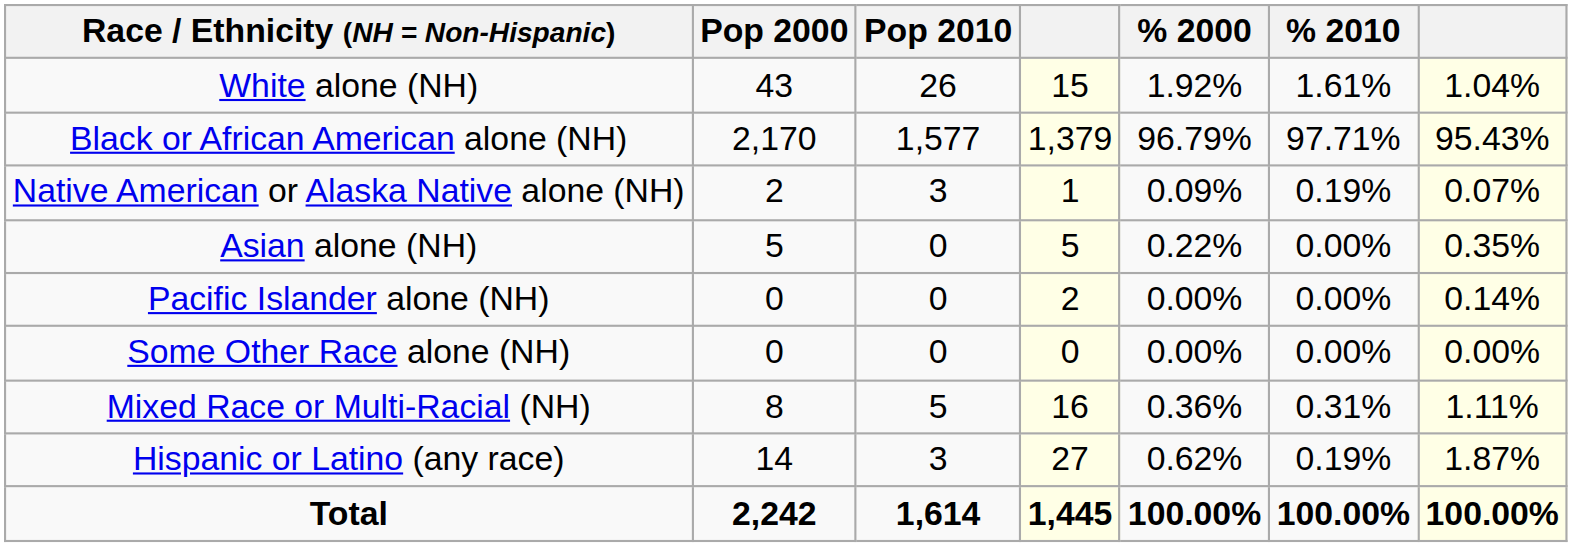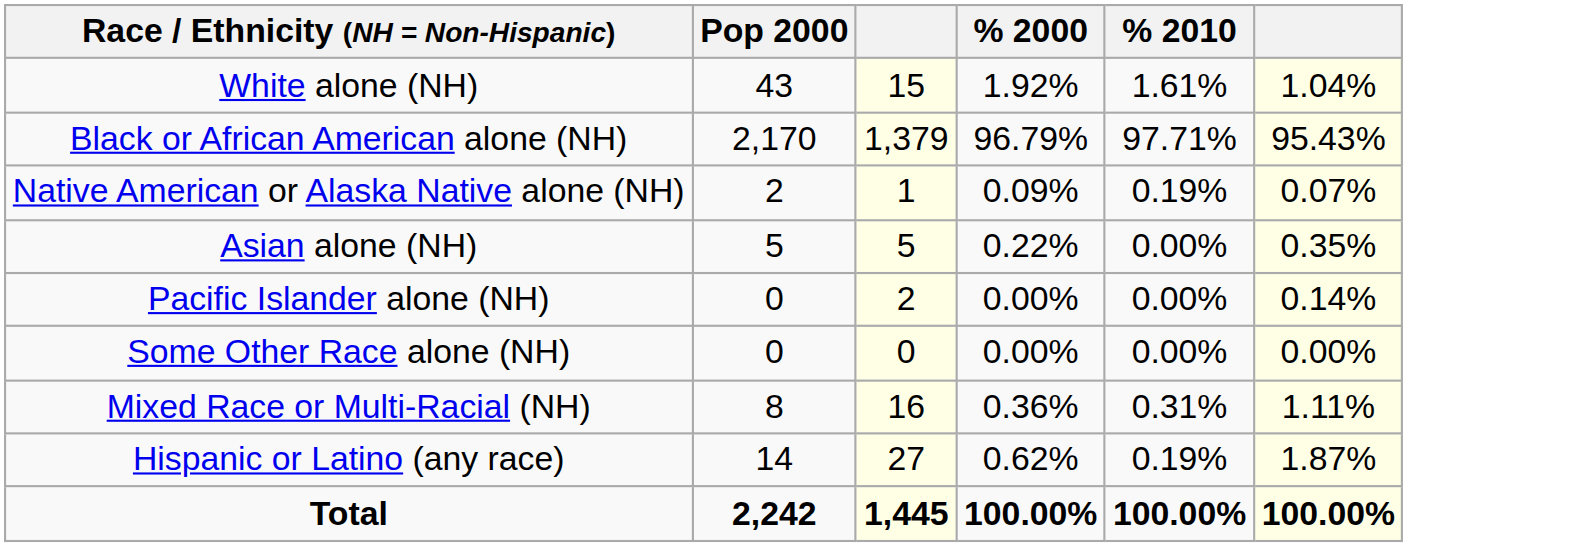 <table class="wikitable" style="text-align:center;">
 <tr>
 <th>Race / Ethnicity <small>(<em>NH = Non-Hispanic</em>)</small></th>
 <th>Pop 2000</th>
-<th>Pop 2010</th>
 <th></th>
 <th>% 2000</th>
 <th>% 2010</th>
 <th></th>
 </tr>
 <tr>
 <td><a href='#'>White</a> alone (NH)</td>
 <td>43</td>
-<td>26</td>
 <td style='background: #ffffe6;'>15</td>
 <td>1.92%</td>
 <td>1.61%</td>
 <td style='background: #ffffe6;'>1.04%</td>
 </tr>
 <tr>
 <td><a href='#'>Black or African American</a> alone (NH)</td>
 <td>2,170</td>
-<td>1,577</td>
 <td style='background: #ffffe6;'>1,379</td>
 <td>96.79%</td>
 <td>97.71%</td>
 <td style='background: #ffffe6;'>95.43%</td>
 </tr>
 <tr>
 <td><a href='#'>Native American</a> or <a href='#'>Alaska Native</a> alone (NH)</td>
 <td>2</td>
-<td>3</td>
 <td style='background: #ffffe6;'>1</td>
 <td>0.09%</td>
 <td>0.19%</td>
 <td style='background: #ffffe6;'>0.07%</td>
 </tr>
 <tr>
 <td><a href='#'>Asian</a> alone (NH)</td>
 <td>5</td>
-<td>0</td>
 <td style='background: #ffffe6;'>5</td>
 <td>0.22%</td>
 <td>0.00%</td>
 <td style='background: #ffffe6;'>0.35%</td>
 </tr>
 <tr>
 <td><a href='#'>Pacific Islander</a> alone (NH)</td>
-<td>0</td>
 <td>0</td>
 <td style='background: #ffffe6;'>2</td>
 <td>0.00%</td>
 <td>0.00%</td>
 <td style='background: #ffffe6;'>0.14%</td>
 </tr>
 <tr>
 <td><a href='#'>Some Other Race</a> alone (NH)</td>
 <td>0</td>
-<td>0</td>
 <td style='background: #ffffe6;'>0</td>
 <td>0.00%</td>
 <td>0.00%</td>
 <td style='background: #ffffe6;'>0.00%</td>
 </tr>
 <tr>
 <td><a href='#'>Mixed Race or Multi-Racial</a> (NH)</td>
 <td>8</td>
-<td>5</td>
 <td style='background: #ffffe6;'>16</td>
 <td>0.36%</td>
 <td>0.31%</td>
 <td style='background: #ffffe6;'>1.11%</td>
 </tr>
 <tr>
 <td><a href='#'>Hispanic or Latino</a> (any race)</td>
 <td>14</td>
-<td>3</td>
 <td style='background: #ffffe6;'>27</td>
 <td>0.62%</td>
 <td>0.19%</td>
 <td style='background: #ffffe6;'>1.87%</td>
 </tr>
 <tr>
 <td><strong>Total</strong></td>
 <td><strong>2,242</strong></td>
-<td><strong>1,614</strong></td>
 <td style='background: #ffffe6;'><strong>1,445</strong></td>
 <td><strong>100.00%</strong></td>
 <td><strong>100.00%</strong></td>
 <td style='background: #ffffe6;'><strong>100.00%</strong></td>
 </tr>
 </table>
